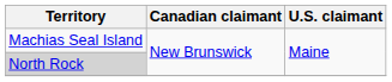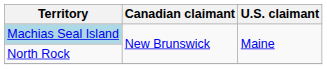 <table class="wikitable sortable">
 <tr>
 <th>Territory</th>
 <th> Canadian claimant</th>
 <th> U.S. claimant</th>
 </tr>
 <tr>
-<td><a href='#'>Machias Seal Island</a></td>
+<td style="background: lightblue;"><a href='#'>Machias Seal Island</a></td>
 <td rowspan="2"><a href='#'>New Brunswick</a></td>
 <td rowspan="2"><a href='#'>Maine</a></td>
 </tr>
 <tr>
-<td style="background: lightgrey;"><a href='#'>North Rock</a></td>
+<td><a href='#'>North Rock</a></td>
 </tr>
 <tr>
 </tr>
 </table>
